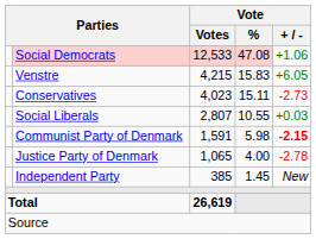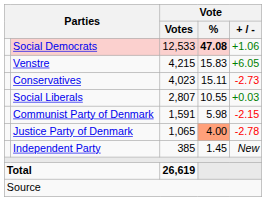 <table class="wikitable" style="text-align:right;">
 <tr>
 <th style="text-align:centre;" rowspan="2" colspan="2" width="225">Parties</th>
 <th colspan="3">Vote</th>
 </tr>
 <tr>
 <th width="15">Votes</th>
 <th width="15">%</th>
 <th width="15">+ / -</th>
 </tr>
 <tr>
 <td width="2" style="color:inherit;background:"></td>
 <td bgcolor=#fbd0ce  align="left"><a href='#'>Social Democrats</a></td>
 <td bgcolor=#fbd0ce>12,533</td>
-<td bgcolor=#fbd0ce>47.08</td>
+<td bgcolor=#fbd0ce><strong>47.08</strong></td>
 <td style=color:green;>+1.06</td>
 </tr>
 <tr>
 <td width="2" style="color:inherit;background:"></td>
 <td align="left"><a href='#'>Venstre</a></td>
 <td>4,215</td>
 <td>15.83</td>
 <td style=color:green;>+6.05</td>
 </tr>
 <tr>
 <td width="2" style="color:inherit;background:"></td>
 <td align="left"><a href='#'>Conservatives</a></td>
 <td>4,023</td>
 <td>15.11</td>
 <td style=color:red;>-2.73</td>
 </tr>
 <tr>
 <td width="2" style="color:inherit;background:"></td>
 <td align="left"><a href='#'>Social Liberals</a></td>
 <td>2,807</td>
 <td>10.55</td>
 <td style=color:green;>+0.03</td>
 </tr>
 <tr>
 <td width="2" style="color:inherit;background:"></td>
 <td align="left"><a href='#'>Communist Party of Denmark</a></td>
 <td>1,591</td>
 <td>5.98</td>
-<td style=color:red;><strong>-2.15</strong></td>
+<td style=color:red;>-2.15</td>
 </tr>
 <tr>
 <td width="2" style="color:inherit;background:"></td>
 <td align="left"><a href='#'>Justice Party of Denmark</a></td>
 <td>1,065</td>
-<td>4.00</td>
+<td style="background: lightsalmon;">4.00</td>
 <td style=color:red;>-2.78</td>
 </tr>
 <tr>
 <td width="2" style="color:inherit;background:"></td>
 <td align="left"><a href='#'>Independent Party</a></td>
 <td>385</td>
 <td>1.45</td>
 <td><em>New</em></td>
 </tr>
 <tr>
 <td colspan="7" bgcolor="#E9E9E9"></td>
 </tr>
 <tr>
 <td align="left" colspan="2"><strong>Total</strong></td>
 <td><strong>26,619</strong></td>
 <td bgcolor="#E9E9E9" colspan="2"></td>
 </tr>
 <tr>
 <td align="left" colspan="6">Source</td>
 </tr>
 </table>
